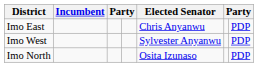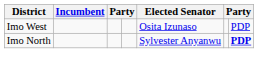 <table class="sortable wikitable" style="font-size:95%;line-height:14px;">
 <tr>
 <th class="unsortable">District</th>
 <th class="unsortable"><a href='#'>Incumbent</a></th>
 <th colspan="2">Party</th>
 <th class="unsortable">Elected Senator</th>
 <th colspan="2">Party</th>
 </tr>
 <tr>
-<td>Imo East</td>
-<td></td>
-<td></td>
-<td></td>
-<td><a href='#'>Chris Anyanwu</a></td>
-<td style="background:"></td>
-<td><a href='#'>PDP</a></td>
-</tr>
-<tr>
 <td>Imo West</td>
 <td></td>
 <td></td>
 <td></td>
-<td><a href='#'>Sylvester Anyanwu</a></td>
+<td><a href='#'>Osita Izunaso</a></td>
 <td style="background:"></td>
 <td><a href='#'>PDP</a></td>
 </tr>
 <tr>
 <td>Imo North</td>
 <td></td>
 <td></td>
 <td></td>
-<td><a href='#'>Osita Izunaso</a></td>
+<td><a href='#'>Sylvester Anyanwu</a></td>
 <td style="background:"></td>
-<td><a href='#'>PDP</a></td>
+<td><strong><a href='#'>PDP</a></strong></td>
 </tr>
 </table>
